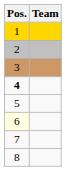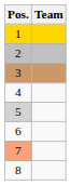 <table class="wikitable">
 <tr>
 <th width=>Pos.</th>
 <th width=>Team</th>
 </tr>
 <tr style="background:gold;">
 <td align=center>1</td>
 <td></td>
 </tr>
 <tr style="background:silver;">
 <td align=center>2</td>
 <td></td>
 </tr>
 <tr style="background:#cc9966;">
 <td align=center>3</td>
 <td></td>
 </tr>
 <tr>
-<td align=center><strong>4</strong></td>
+<td align=center>4</td>
 <td></td>
 </tr>
 <tr>
-<td align=center>5</td>
+<td align=center style="background: lightgrey;">5</td>
 <td></td>
 </tr>
 <tr>
-<td align=center style="background: lightyellow;">6</td>
+<td align=center>6</td>
 <td></td>
 </tr>
 <tr>
-<td align=center>7</td>
+<td align=center style="background: lightsalmon;">7</td>
 <td></td>
 </tr>
 <tr>
 <td align=center>8</td>
 <td></td>
 </tr>
 </table>
